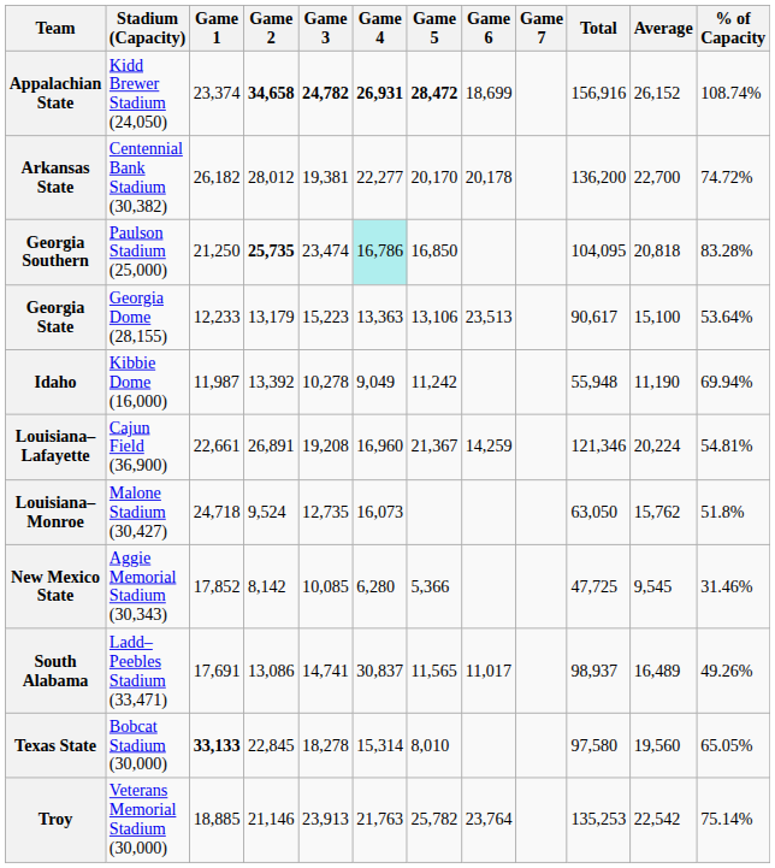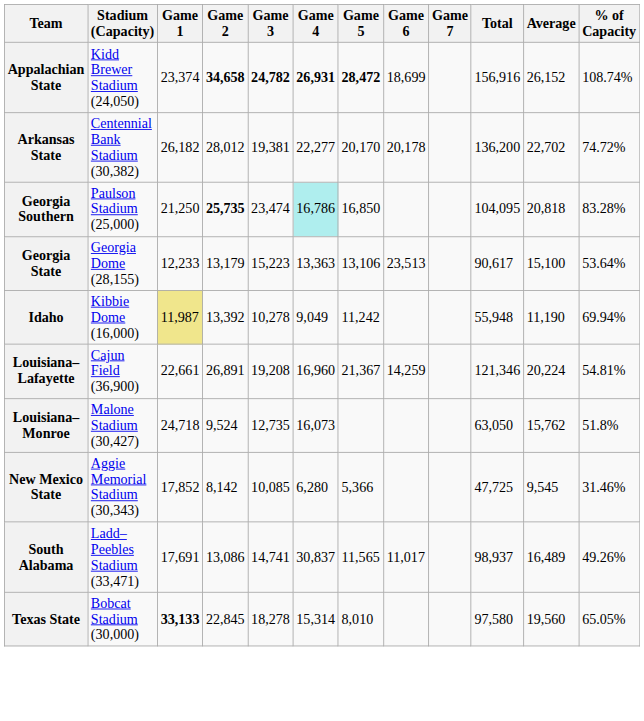 <table class="wikitable sortable">
 <tr>
 <th>Team</th>
 <th>Stadium (Capacity)</th>
 <th>Game 1</th>
 <th>Game 2</th>
 <th>Game 3</th>
 <th>Game 4</th>
 <th>Game 5</th>
 <th>Game 6</th>
 <th>Game 7</th>
 <th>Total</th>
 <th>Average</th>
 <th>% of Capacity</th>
 </tr>
 <tr>
 <th>Appalachian State</th>
 <td><a href='#'>Kidd Brewer Stadium</a> (24,050)</td>
 <td>23,374</td>
 <td><strong>34,658</strong></td>
 <td><strong>24,782</strong></td>
 <td><strong>26,931</strong></td>
 <td><strong>28,472</strong></td>
 <td>18,699</td>
 <td align=center></td>
 <td>156,916</td>
 <td>26,152</td>
 <td>108.74%</td>
 </tr>
 <tr>
 <th>Arkansas State</th>
 <td><a href='#'>Centennial Bank Stadium</a> (30,382)</td>
 <td>26,182</td>
 <td>28,012</td>
 <td>19,381</td>
 <td>22,277</td>
 <td>20,170</td>
 <td>20,178</td>
 <td align=center></td>
 <td>136,200</td>
-<td>22,700</td>
+<td>22,702</td>
 <td>74.72%</td>
 </tr>
 <tr>
 <th>Georgia Southern</th>
 <td><a href='#'>Paulson Stadium</a> (25,000)</td>
 <td>21,250</td>
 <td><strong>25,735</strong></td>
 <td>23,474</td>
 <td style="background: paleturquoise;">16,786</td>
 <td>16,850</td>
 <td align=center></td>
 <td align=center></td>
 <td>104,095</td>
 <td>20,818</td>
 <td>83.28%</td>
 </tr>
 <tr>
 <th>Georgia State</th>
 <td><a href='#'>Georgia Dome</a> (28,155)</td>
 <td>12,233</td>
 <td>13,179</td>
 <td>15,223</td>
 <td>13,363</td>
 <td>13,106</td>
 <td>23,513</td>
 <td align=center></td>
 <td>90,617</td>
 <td>15,100</td>
 <td>53.64%</td>
 </tr>
 <tr>
 <th>Idaho</th>
 <td><a href='#'>Kibbie Dome</a> (16,000)</td>
-<td>11,987</td>
+<td style="background: khaki;">11,987</td>
 <td>13,392</td>
 <td>10,278</td>
 <td>9,049</td>
 <td>11,242</td>
 <td align=center></td>
 <td align=center></td>
 <td>55,948</td>
 <td>11,190</td>
 <td>69.94%</td>
 </tr>
 <tr>
 <th>Louisiana–Lafayette</th>
 <td><a href='#'>Cajun Field</a> (36,900)</td>
 <td>22,661</td>
 <td>26,891</td>
 <td>19,208</td>
 <td>16,960</td>
 <td>21,367</td>
 <td>14,259</td>
 <td align=center></td>
 <td>121,346</td>
 <td>20,224</td>
 <td>54.81%</td>
 </tr>
 <tr>
 <th>Louisiana–Monroe</th>
 <td><a href='#'>Malone Stadium</a> (30,427)</td>
 <td>24,718</td>
 <td>9,524</td>
 <td>12,735</td>
 <td>16,073</td>
 <td></td>
 <td align=center></td>
 <td align=center></td>
 <td>63,050</td>
 <td>15,762</td>
 <td>51.8%</td>
 </tr>
 <tr>
 <th>New Mexico State</th>
 <td><a href='#'>Aggie Memorial Stadium</a> (30,343)</td>
 <td>17,852</td>
 <td>8,142</td>
 <td>10,085</td>
 <td>6,280</td>
 <td>5,366</td>
 <td align=center></td>
 <td align=center></td>
 <td>47,725</td>
 <td>9,545</td>
 <td>31.46%</td>
 </tr>
 <tr>
 <th>South Alabama</th>
 <td><a href='#'>Ladd–Peebles Stadium</a> (33,471)</td>
 <td>17,691</td>
 <td>13,086</td>
 <td>14,741</td>
 <td>30,837</td>
 <td>11,565</td>
 <td>11,017</td>
 <td></td>
 <td>98,937</td>
 <td>16,489</td>
 <td>49.26%</td>
 </tr>
 <tr>
 <th>Texas State</th>
 <td><a href='#'>Bobcat Stadium</a> (30,000)</td>
 <td><strong>33,133</strong></td>
 <td>22,845</td>
 <td>18,278</td>
 <td>15,314</td>
 <td>8,010</td>
 <td></td>
 <td align=center></td>
 <td>97,580</td>
 <td>19,560</td>
 <td>65.05%</td>
 </tr>
-<tr>
-<th>Troy</th>
-<td><a href='#'>Veterans Memorial Stadium</a> (30,000)</td>
-<td>18,885</td>
-<td>21,146</td>
-<td>23,913</td>
-<td>21,763</td>
-<td>25,782</td>
-<td>23,764</td>
-<td align=center></td>
-<td>135,253</td>
-<td>22,542</td>
-<td>75.14%</td>
-</tr>
 </table>
